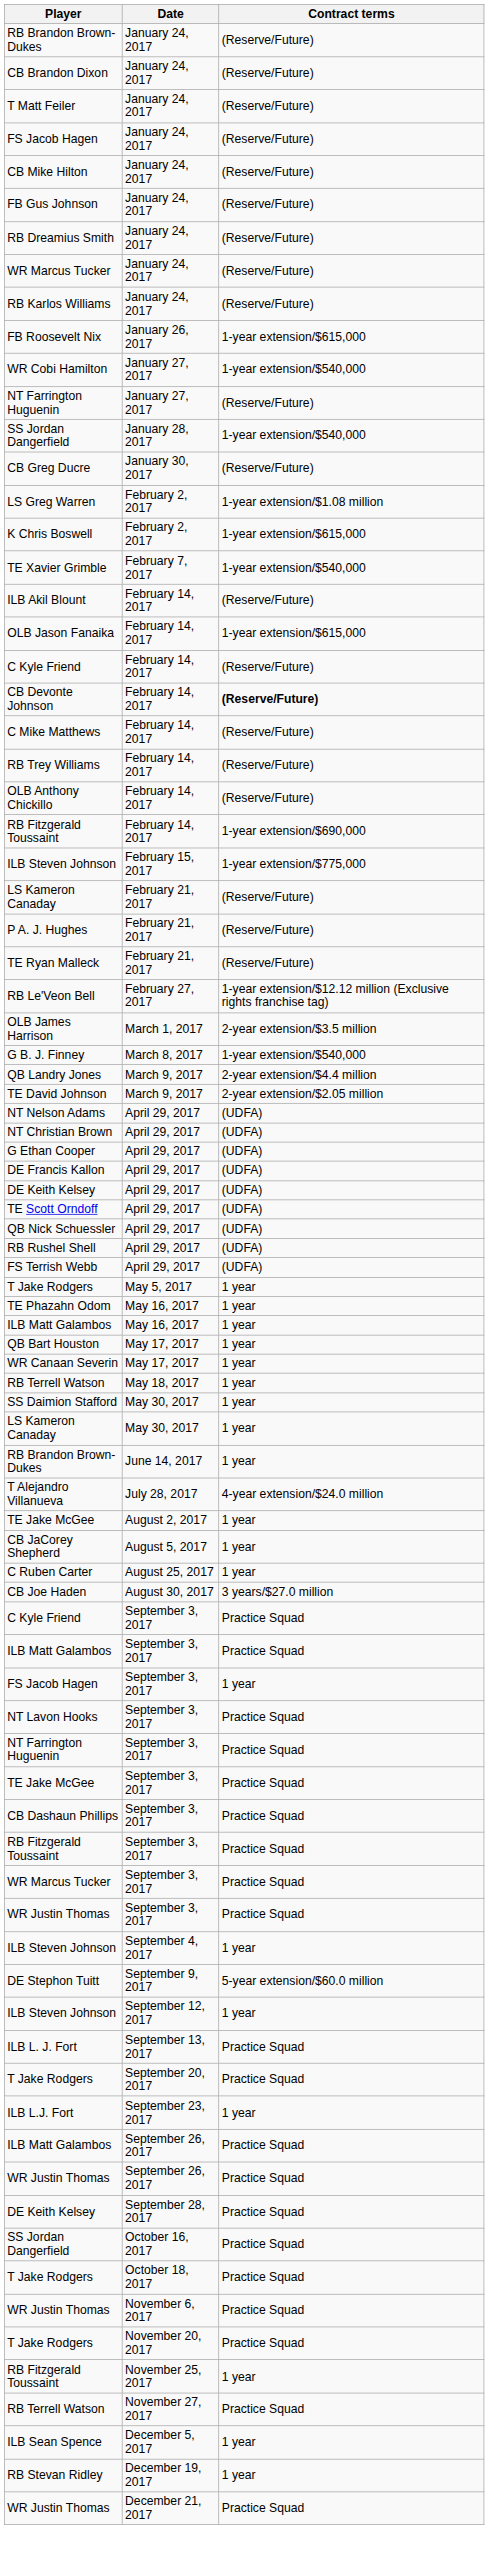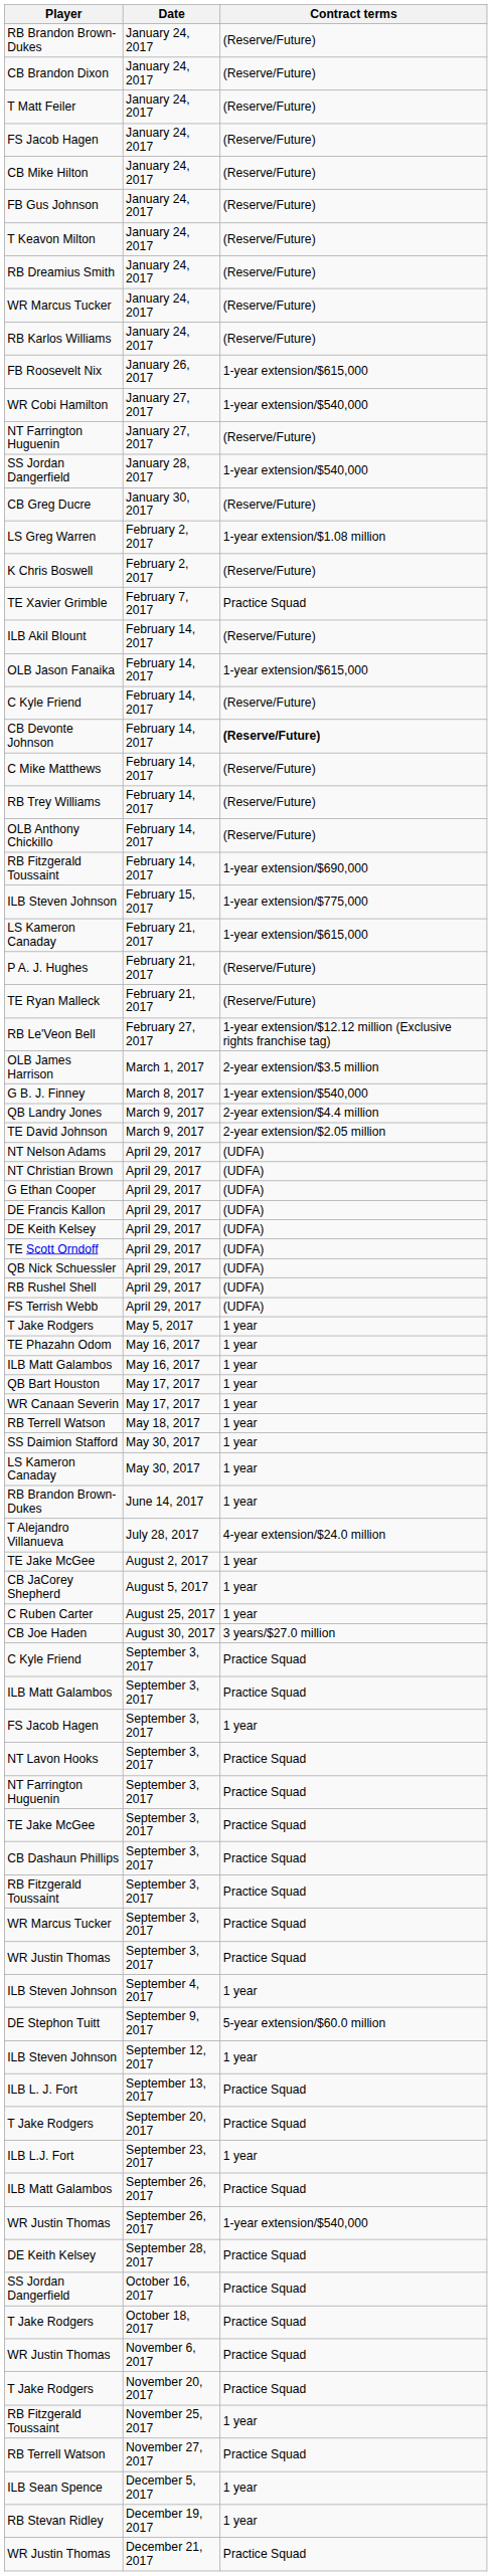 <table class="wikitable" style="width:50%">
 <tr style="text-align:center; background:#ddd">
 <th>Player</th>
 <th>Date</th>
 <th>Contract terms</th>
 </tr>
 <tr>
 <td>RB Brandon Brown-Dukes</td>
 <td>January 24, 2017</td>
 <td>(Reserve/Future)</td>
 </tr>
 <tr>
 <td>CB Brandon Dixon</td>
 <td>January 24, 2017</td>
 <td>(Reserve/Future)</td>
 </tr>
 <tr>
 <td>T Matt Feiler</td>
 <td>January 24, 2017</td>
 <td>(Reserve/Future)</td>
 </tr>
 <tr>
 <td>FS Jacob Hagen</td>
 <td>January 24, 2017</td>
 <td>(Reserve/Future)</td>
 </tr>
 <tr>
 <td>CB Mike Hilton</td>
 <td>January 24, 2017</td>
 <td>(Reserve/Future)</td>
 </tr>
 <tr>
 <td>FB Gus Johnson</td>
+<td>January 24, 2017</td>
+<td>(Reserve/Future)</td>
+</tr>
+<tr>
+<td>T Keavon Milton</td>
 <td>January 24, 2017</td>
 <td>(Reserve/Future)</td>
 </tr>
 <tr>
 <td>RB Dreamius Smith</td>
 <td>January 24, 2017</td>
 <td>(Reserve/Future)</td>
 </tr>
 <tr>
 <td>WR Marcus Tucker</td>
 <td>January 24, 2017</td>
 <td>(Reserve/Future)</td>
 </tr>
 <tr>
 <td>RB Karlos Williams</td>
 <td>January 24, 2017</td>
 <td>(Reserve/Future)</td>
 </tr>
 <tr>
 <td>FB Roosevelt Nix</td>
 <td>January 26, 2017</td>
 <td>1-year extension/$615,000</td>
 </tr>
 <tr>
 <td>WR Cobi Hamilton</td>
 <td>January 27, 2017</td>
 <td>1-year extension/$540,000</td>
 </tr>
 <tr>
 <td>NT Farrington Huguenin</td>
 <td>January 27, 2017</td>
 <td>(Reserve/Future)</td>
 </tr>
 <tr>
 <td>SS Jordan Dangerfield</td>
 <td>January 28, 2017</td>
 <td>1-year extension/$540,000</td>
 </tr>
 <tr>
 <td>CB Greg Ducre</td>
 <td>January 30, 2017</td>
 <td>(Reserve/Future)</td>
 </tr>
 <tr>
 <td>LS Greg Warren</td>
 <td>February 2, 2017</td>
 <td>1-year extension/$1.08 million</td>
 </tr>
 <tr>
 <td>K Chris Boswell</td>
 <td>February 2, 2017</td>
-<td>1-year extension/$615,000</td>
+<td>(Reserve/Future)</td>
 </tr>
 <tr>
 <td>TE Xavier Grimble</td>
 <td>February 7, 2017</td>
-<td>1-year extension/$540,000</td>
+<td>Practice Squad</td>
 </tr>
 <tr>
 <td>ILB Akil Blount</td>
 <td>February 14, 2017</td>
 <td>(Reserve/Future)</td>
 </tr>
 <tr>
 <td>OLB Jason Fanaika</td>
 <td>February 14, 2017</td>
 <td>1-year extension/$615,000</td>
 </tr>
 <tr>
 <td>C Kyle Friend</td>
 <td>February 14, 2017</td>
 <td>(Reserve/Future)</td>
 </tr>
 <tr>
 <td>CB Devonte Johnson</td>
 <td>February 14, 2017</td>
 <td><strong>(Reserve/Future)</strong></td>
 </tr>
 <tr>
 <td>C Mike Matthews</td>
 <td>February 14, 2017</td>
 <td>(Reserve/Future)</td>
 </tr>
 <tr>
 <td>RB Trey Williams</td>
 <td>February 14, 2017</td>
 <td>(Reserve/Future)</td>
 </tr>
 <tr>
 <td>OLB Anthony Chickillo</td>
 <td>February 14, 2017</td>
 <td>(Reserve/Future)</td>
 </tr>
 <tr>
 <td>RB Fitzgerald Toussaint</td>
 <td>February 14, 2017</td>
 <td>1-year extension/$690,000</td>
 </tr>
 <tr>
 <td>ILB Steven Johnson</td>
 <td>February 15, 2017</td>
 <td>1-year extension/$775,000</td>
 </tr>
 <tr>
 <td>LS Kameron Canaday</td>
 <td>February 21, 2017</td>
-<td>(Reserve/Future)</td>
+<td>1-year extension/$615,000</td>
 </tr>
 <tr>
 <td>P A. J. Hughes</td>
 <td>February 21, 2017</td>
 <td>(Reserve/Future)</td>
 </tr>
 <tr>
 <td>TE Ryan Malleck</td>
 <td>February 21, 2017</td>
 <td>(Reserve/Future)</td>
 </tr>
 <tr>
 <td>RB Le'Veon Bell</td>
 <td>February 27, 2017</td>
 <td>1-year extension/$12.12 million (Exclusive rights franchise tag)</td>
 </tr>
 <tr>
 <td>OLB James Harrison</td>
 <td>March 1, 2017</td>
 <td>2-year extension/$3.5 million</td>
 </tr>
 <tr>
 <td>G B. J. Finney</td>
 <td>March 8, 2017</td>
 <td>1-year extension/$540,000</td>
 </tr>
 <tr>
 <td>QB Landry Jones</td>
 <td>March 9, 2017</td>
 <td>2-year extension/$4.4 million</td>
 </tr>
 <tr>
 <td>TE David Johnson</td>
 <td>March 9, 2017</td>
 <td>2-year extension/$2.05 million</td>
 </tr>
 <tr>
 <td>NT Nelson Adams</td>
 <td>April 29, 2017</td>
 <td>(UDFA)</td>
 </tr>
 <tr>
 <td>NT Christian Brown</td>
 <td>April 29, 2017</td>
 <td>(UDFA)</td>
 </tr>
 <tr>
 <td>G Ethan Cooper</td>
 <td>April 29, 2017</td>
 <td>(UDFA)</td>
 </tr>
 <tr>
 <td>DE Francis Kallon</td>
 <td>April 29, 2017</td>
 <td>(UDFA)</td>
 </tr>
 <tr>
 <td>DE Keith Kelsey</td>
 <td>April 29, 2017</td>
 <td>(UDFA)</td>
 </tr>
 <tr>
 <td>TE <a href='#'>Scott Orndoff</a></td>
 <td>April 29, 2017</td>
 <td>(UDFA)</td>
 </tr>
 <tr>
 <td>QB Nick Schuessler</td>
 <td>April 29, 2017</td>
 <td>(UDFA)</td>
 </tr>
 <tr>
 <td>RB Rushel Shell</td>
 <td>April 29, 2017</td>
 <td>(UDFA)</td>
 </tr>
 <tr>
 <td>FS Terrish Webb</td>
 <td>April 29, 2017</td>
 <td>(UDFA)</td>
 </tr>
 <tr>
 <td>T Jake Rodgers</td>
 <td>May 5, 2017</td>
 <td>1 year</td>
 </tr>
 <tr>
 <td>TE Phazahn Odom</td>
 <td>May 16, 2017</td>
 <td>1 year</td>
 </tr>
 <tr>
 <td>ILB Matt Galambos</td>
 <td>May 16, 2017</td>
 <td>1 year</td>
 </tr>
 <tr>
 <td>QB Bart Houston</td>
 <td>May 17, 2017</td>
 <td>1 year</td>
 </tr>
 <tr>
 <td>WR Canaan Severin</td>
 <td>May 17, 2017</td>
 <td>1 year</td>
 </tr>
 <tr>
 <td>RB Terrell Watson</td>
 <td>May 18, 2017</td>
 <td>1 year</td>
 </tr>
 <tr>
 <td>SS Daimion Stafford</td>
 <td>May 30, 2017</td>
 <td>1 year</td>
 </tr>
 <tr>
 <td>LS Kameron Canaday</td>
 <td>May 30, 2017</td>
 <td>1 year</td>
 </tr>
 <tr>
 <td>RB Brandon Brown-Dukes</td>
 <td>June 14, 2017</td>
 <td>1 year</td>
 </tr>
 <tr>
 <td>T Alejandro Villanueva</td>
 <td>July 28, 2017</td>
 <td>4-year extension/$24.0 million</td>
 </tr>
 <tr>
 <td>TE Jake McGee</td>
 <td>August 2, 2017</td>
 <td>1 year</td>
 </tr>
 <tr>
 <td>CB JaCorey Shepherd</td>
 <td>August 5, 2017</td>
 <td>1 year</td>
 </tr>
 <tr>
 <td>C Ruben Carter</td>
 <td>August 25, 2017</td>
 <td>1 year</td>
 </tr>
 <tr>
 <td>CB Joe Haden</td>
 <td>August 30, 2017</td>
 <td>3 years/$27.0 million</td>
 </tr>
 <tr>
 <td>C Kyle Friend</td>
 <td>September 3, 2017</td>
 <td>Practice Squad</td>
 </tr>
 <tr>
 <td>ILB Matt Galambos</td>
 <td>September 3, 2017</td>
 <td>Practice Squad</td>
 </tr>
 <tr>
 <td>FS Jacob Hagen</td>
 <td>September 3, 2017</td>
 <td>1 year</td>
 </tr>
 <tr>
 <td>NT Lavon Hooks</td>
 <td>September 3, 2017</td>
 <td>Practice Squad</td>
 </tr>
 <tr>
 <td>NT Farrington Huguenin</td>
 <td>September 3, 2017</td>
 <td>Practice Squad</td>
 </tr>
 <tr>
 <td>TE Jake McGee</td>
 <td>September 3, 2017</td>
 <td>Practice Squad</td>
 </tr>
 <tr>
 <td>CB Dashaun Phillips</td>
 <td>September 3, 2017</td>
 <td>Practice Squad</td>
 </tr>
 <tr>
 <td>RB Fitzgerald Toussaint</td>
 <td>September 3, 2017</td>
 <td>Practice Squad</td>
 </tr>
 <tr>
 <td>WR Marcus Tucker</td>
 <td>September 3, 2017</td>
 <td>Practice Squad</td>
 </tr>
 <tr>
 <td>WR Justin Thomas</td>
 <td>September 3, 2017</td>
 <td>Practice Squad</td>
 </tr>
 <tr>
 <td>ILB Steven Johnson</td>
 <td>September 4, 2017</td>
 <td>1 year</td>
 </tr>
 <tr>
 <td>DE Stephon Tuitt</td>
 <td>September 9, 2017</td>
 <td>5-year extension/$60.0 million</td>
 </tr>
 <tr>
 <td>ILB Steven Johnson</td>
 <td>September 12, 2017</td>
 <td>1 year</td>
 </tr>
 <tr>
 <td>ILB L. J. Fort</td>
 <td>September 13, 2017</td>
 <td>Practice Squad</td>
 </tr>
 <tr>
 <td>T Jake Rodgers</td>
 <td>September 20, 2017</td>
 <td>Practice Squad</td>
 </tr>
 <tr>
 <td>ILB L.J. Fort</td>
 <td>September 23, 2017</td>
 <td>1 year</td>
 </tr>
 <tr>
 <td>ILB Matt Galambos</td>
 <td>September 26, 2017</td>
 <td>Practice Squad</td>
 </tr>
 <tr>
 <td>WR Justin Thomas</td>
 <td>September 26, 2017</td>
-<td>Practice Squad</td>
+<td>1-year extension/$540,000</td>
 </tr>
 <tr>
 <td>DE Keith Kelsey</td>
 <td>September 28, 2017</td>
 <td>Practice Squad</td>
 </tr>
 <tr>
 <td>SS Jordan Dangerfield</td>
 <td>October 16, 2017</td>
 <td>Practice Squad</td>
 </tr>
 <tr>
 <td>T Jake Rodgers</td>
 <td>October 18, 2017</td>
 <td>Practice Squad</td>
 </tr>
 <tr>
 <td>WR Justin Thomas</td>
 <td>November 6, 2017</td>
 <td>Practice Squad</td>
 </tr>
 <tr>
 <td>T Jake Rodgers</td>
 <td>November 20, 2017</td>
 <td>Practice Squad</td>
 </tr>
 <tr>
 <td>RB Fitzgerald Toussaint</td>
 <td>November 25, 2017</td>
 <td>1 year</td>
 </tr>
 <tr>
 <td>RB Terrell Watson</td>
 <td>November 27, 2017</td>
 <td>Practice Squad</td>
 </tr>
 <tr>
 <td>ILB Sean Spence</td>
 <td>December 5, 2017</td>
 <td>1 year</td>
 </tr>
 <tr>
 <td>RB Stevan Ridley</td>
 <td>December 19, 2017</td>
 <td>1 year</td>
 </tr>
 <tr>
 <td>WR Justin Thomas</td>
 <td>December 21, 2017</td>
 <td>Practice Squad</td>
 </tr>
 </table>
